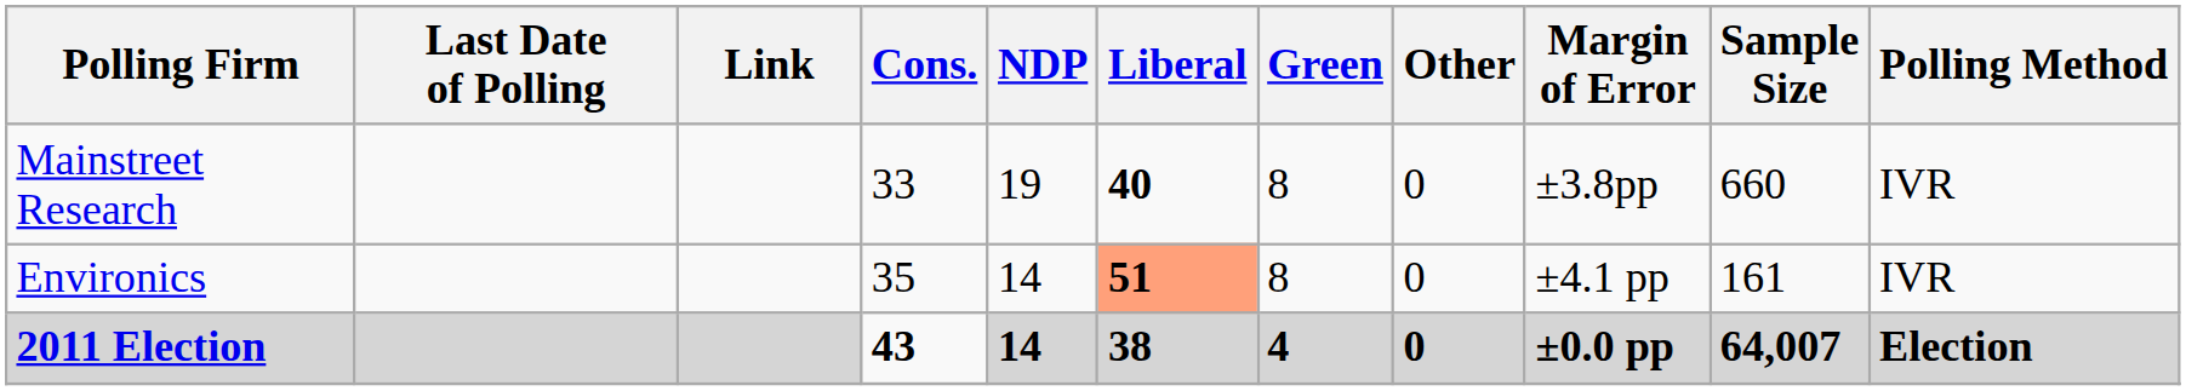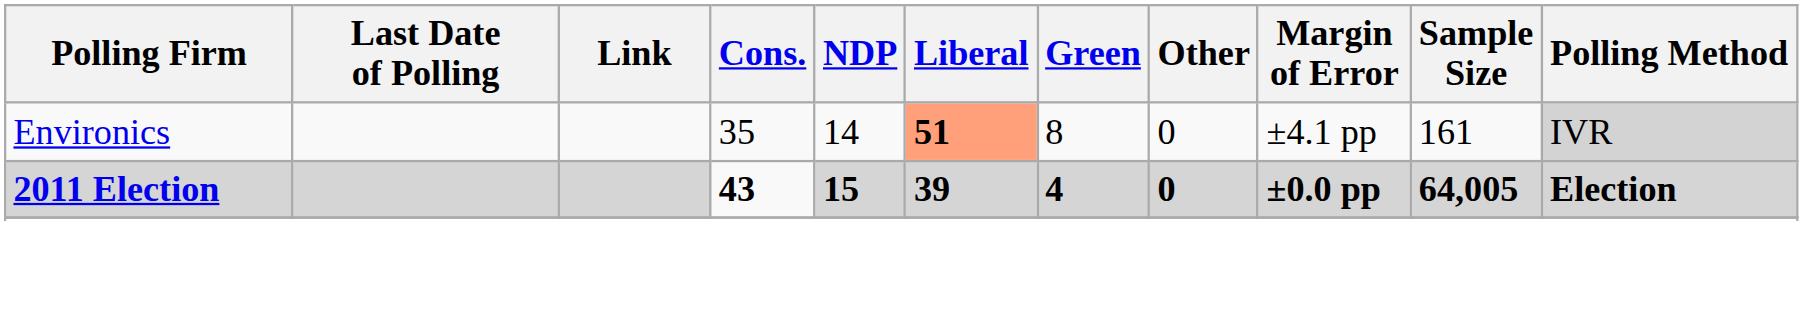 <table class="wikitable sortable">
 <tr style="background:#e9e9e9;">
 <th style="width:120px">Polling Firm</th>
 <th style="width:110px">Last Date<br>of Polling</th>
 <th style="width:60px" class="unsortable">Link</th>
 <th style="background-color:"><strong><a href='#'>Cons.</a></strong></th>
 <th style="background-color:"><strong><a href='#'>NDP</a></strong></th>
 <th style="background-color:"><strong><a href='#'>Liberal</a></strong></th>
 <th style="background-color:"><strong><a href='#'>Green</a></strong></th>
 <th style="background-color:"><strong>Other</strong></th>
 <th style="width:60px;" class=unsortable>Margin<br>of Error</th>
 <th style="width:50px;" class=unsortable>Sample<br>Size</th>
 <th class=unsortable>Polling Method</th>
 </tr>
 <tr>
-<td><a href='#'>Mainstreet Research</a></td>
-<td></td>
-<td></td>
-<td>33</td>
-<td>19</td>
-<td><strong>40</strong></td>
-<td>8</td>
-<td>0</td>
-<td>±3.8pp</td>
-<td>660</td>
-<td>IVR</td>
-</tr>
-<tr>
 <td><a href='#'>Environics</a></td>
 <td></td>
 <td></td>
 <td>35</td>
 <td>14</td>
 <td style="background: lightsalmon;"><strong>51</strong></td>
 <td>8</td>
 <td>0</td>
 <td>±4.1 pp</td>
 <td>161</td>
-<td>IVR</td>
+<td style="background: lightgrey;">IVR</td>
 </tr>
 <tr>
 <td style="background:#D5D5D5"><strong><a href='#'>2011 Election</a></strong></td>
 <td style="background:#D5D5D5"><strong></strong></td>
 <td style="background:#D5D5D5"></td>
 <td><strong>43</strong></td>
-<td style="background:#D5D5D5"><strong>14</strong></td>
-<td style="background:#D5D5D5"><strong>38</strong></td>
+<td style="background:#D5D5D5"><strong>15</strong></td>
+<td style="background:#D5D5D5"><strong>39</strong></td>
 <td style="background:#D5D5D5"><strong>4</strong></td>
 <td style="background:#D5D5D5"><strong>0</strong></td>
 <td style="background:#D5D5D5"><strong>±0.0 pp</strong></td>
-<td style="background:#D5D5D5"><strong>64,007</strong></td>
+<td style="background:#D5D5D5"><strong>64,005</strong></td>
 <td style="background:#D5D5D5"><strong>Election</strong></td>
 </tr>
 <tr>
 </tr>
 <tr>
 </tr>
 </table>
